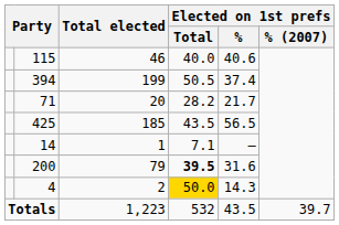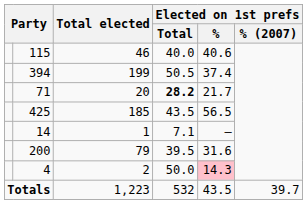 <table class="wikitable" style="text-align:right;">
 <tr>
 <th rowspan="2" colspan="2">Party</th>
 <th rowspan="2">Total elected</th>
 <th colspan="3">Elected on 1st prefs</th>
 </tr>
 <tr>
 <th>Total</th>
 <th>%</th>
 <th>% (2007)</th>
 </tr>
 <tr>
 <td></td>
 <td>115</td>
 <td>46</td>
 <td>40.0</td>
 <td>40.6</td>
 </tr>
 <tr>
 <td></td>
 <td>394</td>
 <td>199</td>
 <td>50.5</td>
 <td>37.4</td>
 </tr>
 <tr>
 <td></td>
 <td>71</td>
 <td>20</td>
-<td>28.2</td>
+<td><strong>28.2</strong></td>
 <td>21.7</td>
 </tr>
 <tr>
 <td></td>
 <td>425</td>
 <td>185</td>
 <td>43.5</td>
 <td>56.5</td>
 </tr>
 <tr>
 <td></td>
 <td>14</td>
 <td>1</td>
 <td>7.1</td>
 <td>–</td>
 </tr>
 <tr>
 <td></td>
 <td>200</td>
 <td>79</td>
-<td><strong>39.5</strong></td>
+<td>39.5</td>
 <td>31.6</td>
 </tr>
 <tr>
 <td></td>
 <td>4</td>
 <td>2</td>
-<td style="background: gold;">50.0</td>
-<td>14.3</td>
+<td>50.0</td>
+<td style="background: pink;">14.3</td>
 </tr>
 <tr>
 <td colspan="2" style="text-align:left;"><strong>Totals</strong></td>
 <td>1,223</td>
 <td>532</td>
 <td>43.5</td>
 <td>39.7</td>
 </tr>
 </table>
